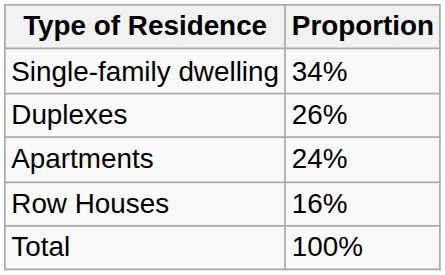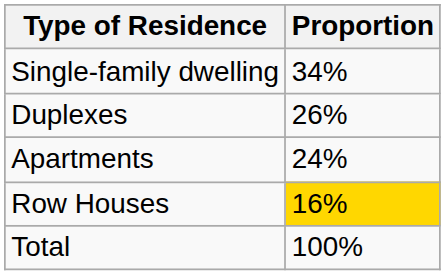 <table class="wikitable">
 <tr>
 <th>Type of Residence</th>
 <th>Proportion</th>
 </tr>
 <tr>
 <td>Single-family dwelling</td>
 <td>34%</td>
 </tr>
 <tr>
 <td>Duplexes</td>
 <td>26%</td>
 </tr>
 <tr>
 <td>Apartments</td>
 <td>24%</td>
 </tr>
 <tr>
 <td>Row Houses</td>
-<td>16%</td>
+<td style="background: gold;">16%</td>
 </tr>
 <tr>
 <td>Total</td>
 <td>100%</td>
 </tr>
 </table>
